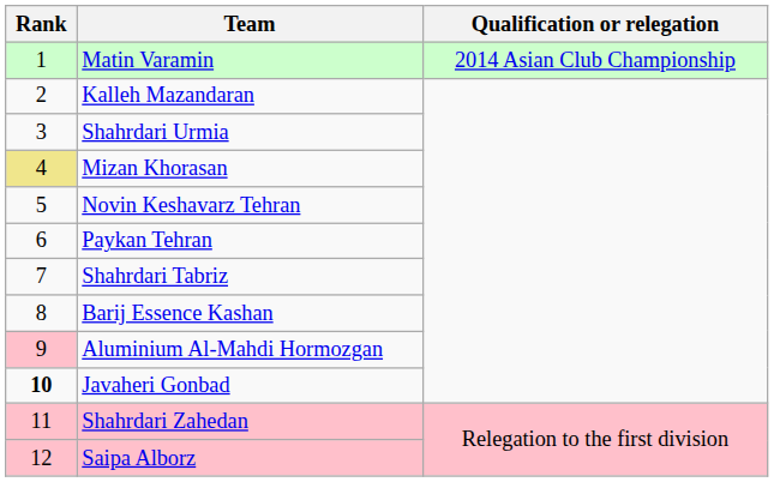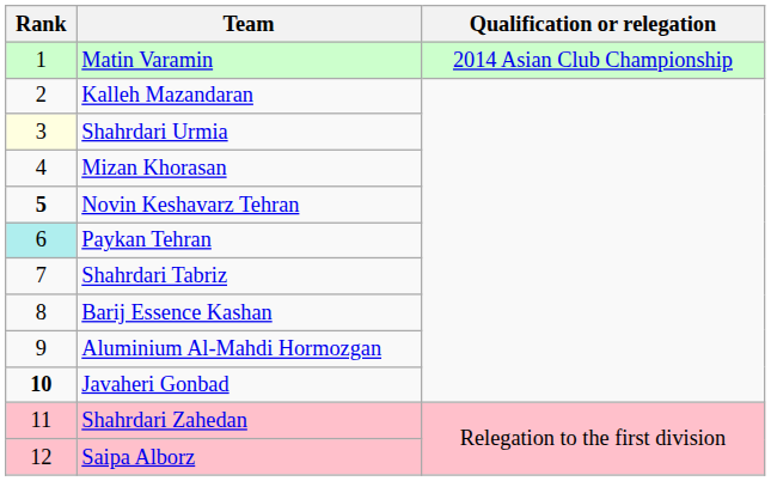 <table class="wikitable" style="text-align:center; font-size:90%">
 <tr>
 <th width=40>Rank</th>
 <th width=220>Team</th>
 <th width=220>Qualification or relegation</th>
 </tr>
 <tr bgcolor=ccffcc>
 <td>1</td>
 <td align="left"><a href='#'>Matin Varamin</a></td>
 <td><a href='#'>2014 Asian Club Championship</a></td>
 </tr>
 <tr>
 <td>2</td>
 <td align="left"><a href='#'>Kalleh Mazandaran</a></td>
 <td rowspan=9></td>
 </tr>
 <tr>
-<td>3</td>
+<td style="background: lightyellow;">3</td>
 <td align="left"><a href='#'>Shahrdari Urmia</a></td>
 </tr>
 <tr>
-<td style="background: khaki;">4</td>
+<td>4</td>
 <td align="left"><a href='#'>Mizan Khorasan</a></td>
 </tr>
 <tr>
-<td>5</td>
+<td><strong>5</strong></td>
 <td align="left"><a href='#'>Novin Keshavarz Tehran</a></td>
 </tr>
 <tr>
-<td>6</td>
+<td style="background: paleturquoise;">6</td>
 <td align="left"><a href='#'>Paykan Tehran</a></td>
 </tr>
 <tr>
 <td>7</td>
 <td align="left"><a href='#'>Shahrdari Tabriz</a></td>
 </tr>
 <tr>
 <td>8</td>
 <td align="left"><a href='#'>Barij Essence Kashan</a></td>
 </tr>
 <tr>
-<td style="background: pink;">9</td>
+<td>9</td>
 <td align="left"><a href='#'>Aluminium Al-Mahdi Hormozgan</a></td>
 </tr>
 <tr>
 <td><strong>10</strong></td>
 <td align="left"><a href='#'>Javaheri Gonbad</a></td>
 </tr>
 <tr bgcolor=pink>
 <td>11</td>
 <td align="left"><a href='#'>Shahrdari Zahedan</a></td>
 <td rowspan=2>Relegation to the first division</td>
 </tr>
 <tr bgcolor=pink>
 <td>12</td>
 <td align="left"><a href='#'>Saipa Alborz</a></td>
 </tr>
 </table>
